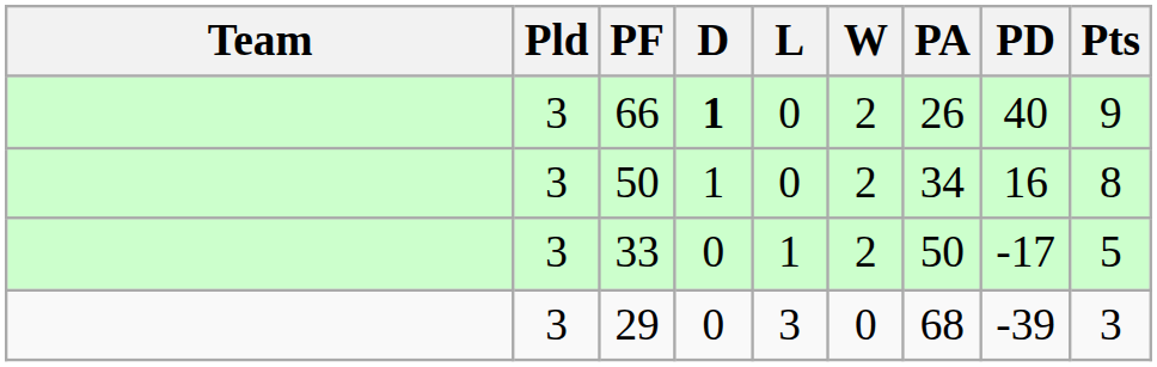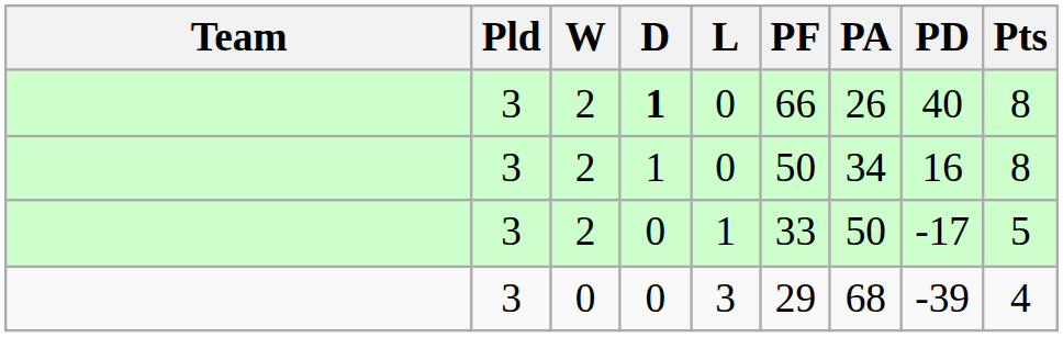 <table class="wikitable" style="text-align:center;">
 <tr>
 <th width=175>Team</th>
 <th width=20 abbr="Played">Pld</th>
-<th width=20 abbr="Points for">PF</th>
+<th width=20 abbr="Won">W</th>
 <th width=20 abbr="Drawn">D</th>
 <th width=20 abbr="Lost">L</th>
-<th width=20 abbr="Won">W</th>
+<th width=20 abbr="Points for">PF</th>
 <th width=20 abbr="Points against">PA</th>
 <th width=25 abbr="Points difference">PD</th>
 <th width=20 abbr="Points">Pts</th>
 </tr>
 <tr bgcolor=ccffcc>
 <td style="text-align:left;"></td>
 <td>3</td>
-<td>66</td>
+<td>2</td>
 <td><strong>1</strong></td>
 <td>0</td>
-<td>2</td>
+<td>66</td>
 <td>26</td>
 <td>40</td>
-<td>9</td>
+<td>8</td>
 </tr>
 <tr bgcolor=ccffcc>
 <td style="text-align:left;"></td>
 <td>3</td>
-<td>50</td>
+<td>2</td>
 <td>1</td>
 <td>0</td>
-<td>2</td>
+<td>50</td>
 <td>34</td>
 <td>16</td>
 <td>8</td>
 </tr>
 <tr bgcolor=ccffcc>
 <td style="text-align:left;"></td>
 <td>3</td>
-<td>33</td>
+<td>2</td>
 <td>0</td>
 <td>1</td>
-<td>2</td>
+<td>33</td>
 <td>50</td>
 <td>-17</td>
 <td>5</td>
 </tr>
 <tr>
 <td style="text-align:left;"></td>
 <td>3</td>
-<td>29</td>
+<td>0</td>
 <td>0</td>
 <td>3</td>
-<td>0</td>
+<td>29</td>
 <td>68</td>
 <td>-39</td>
-<td>3</td>
+<td>4</td>
 </tr>
 </table>
